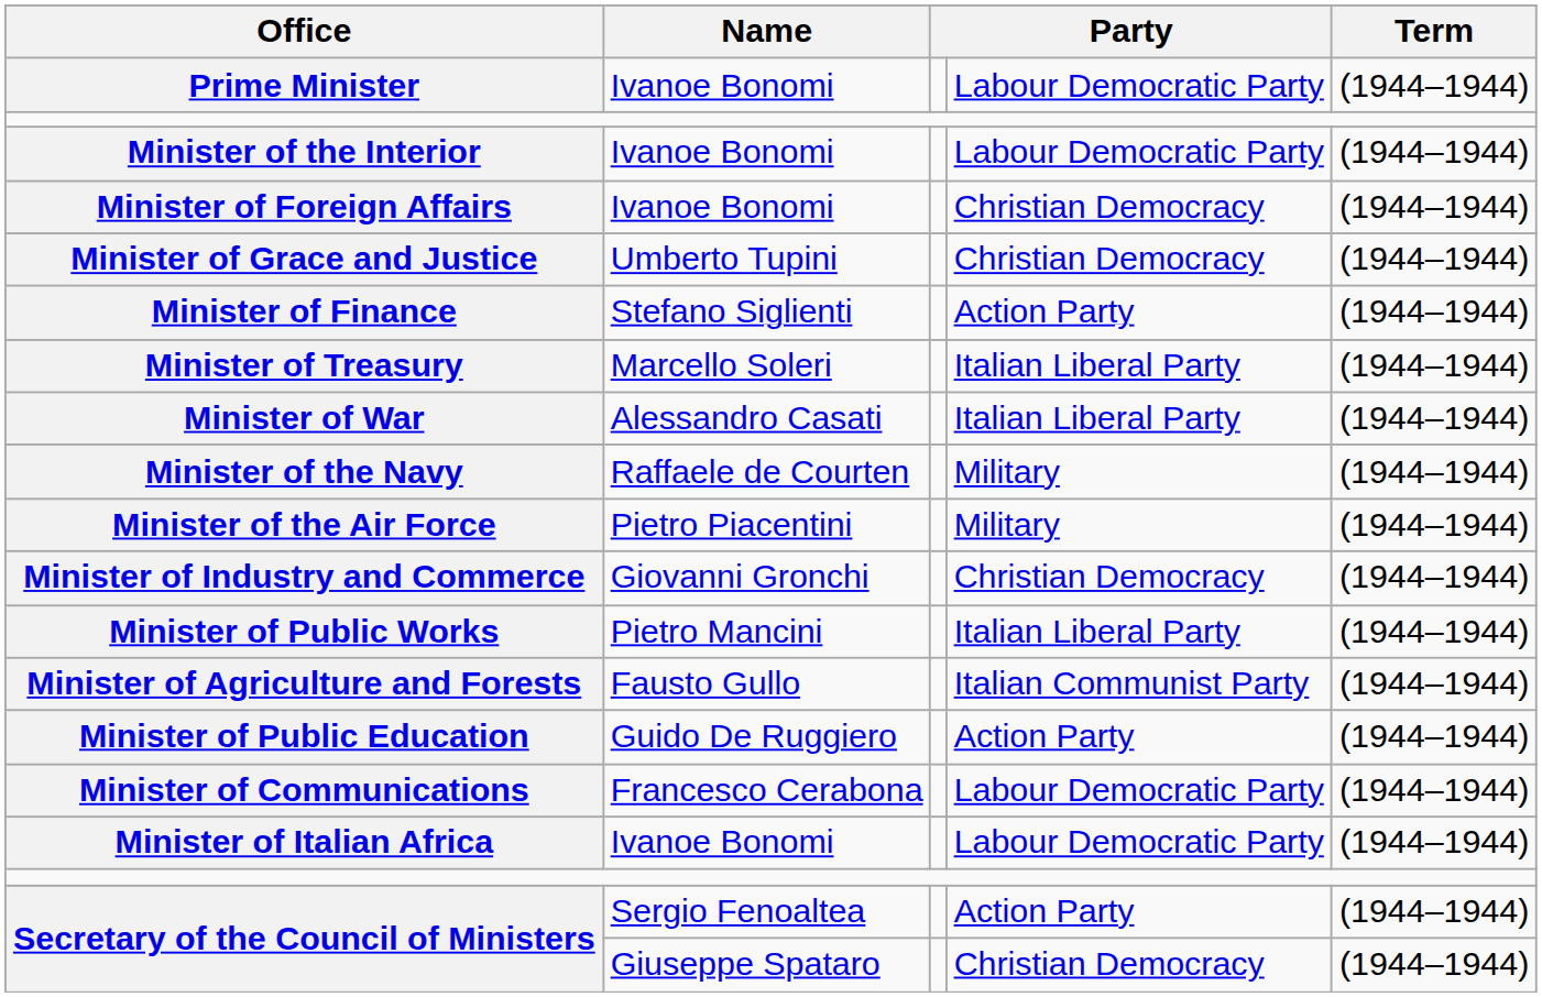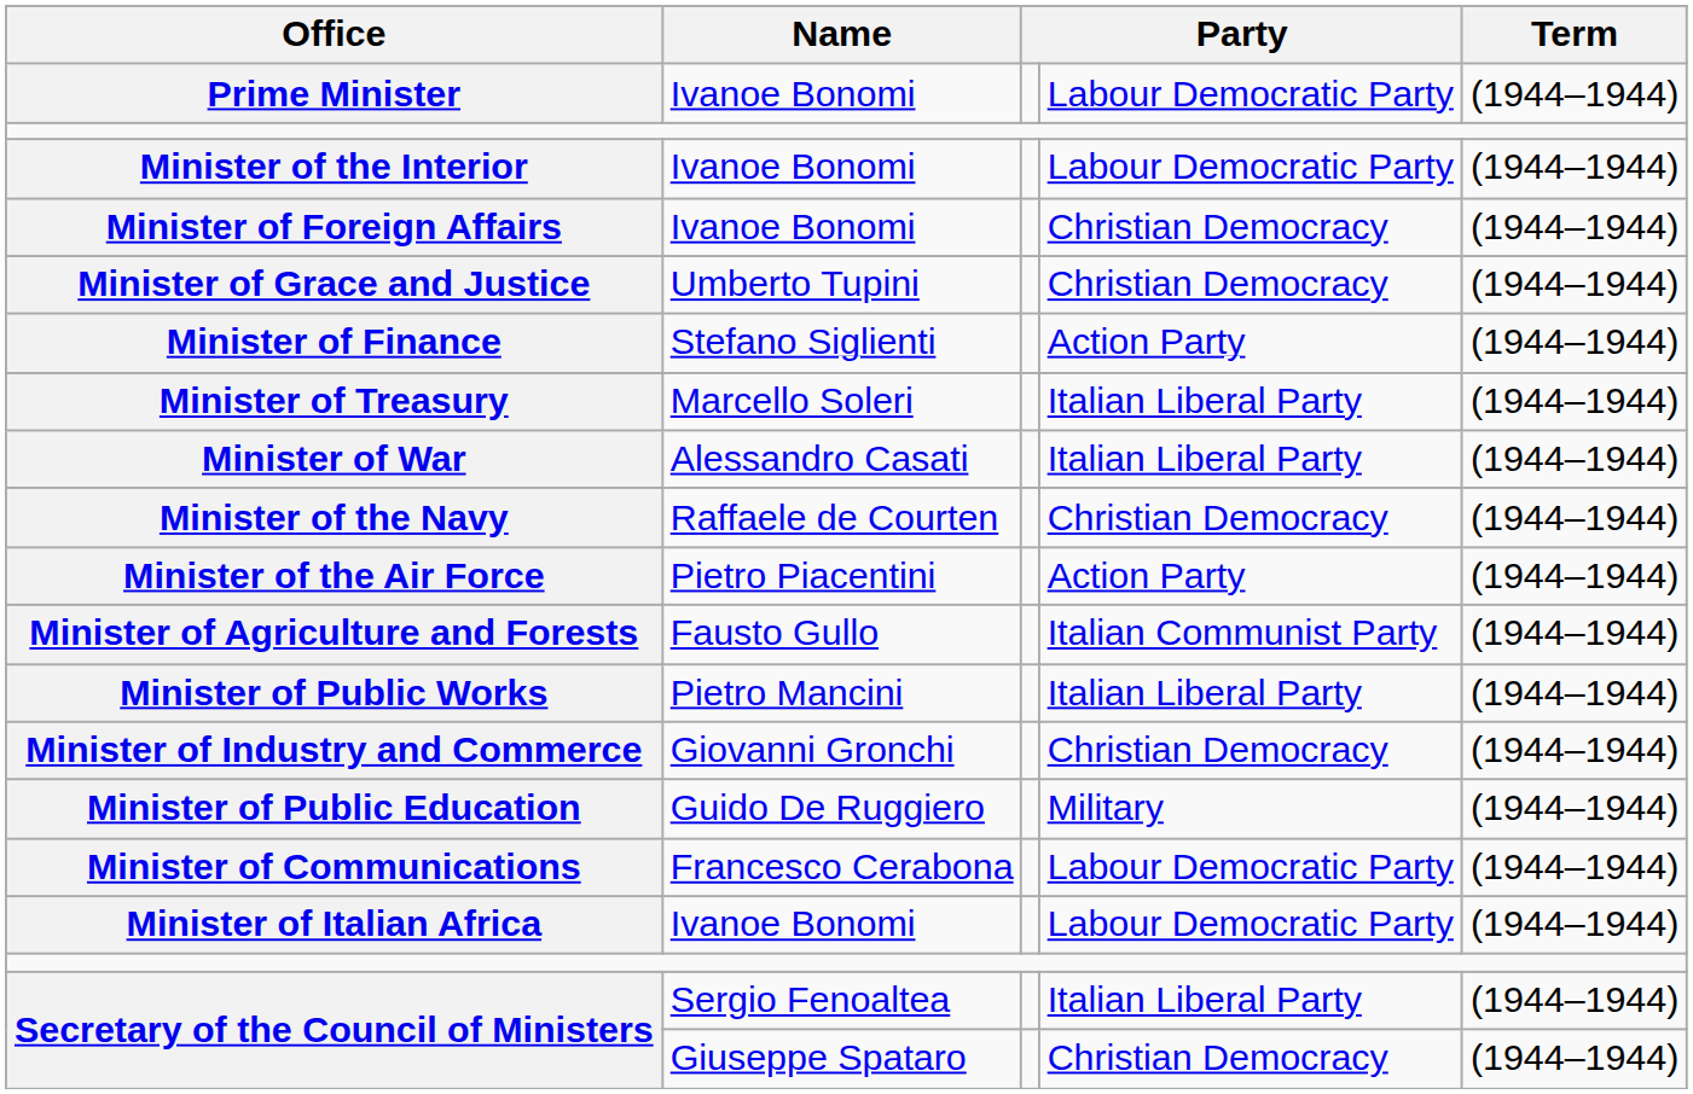 <table class="wikitable" style="font-size: 100%;">
 <tr>
 <th>Office</th>
 <th>Name</th>
 <th colspan=2>Party</th>
 <th>Term</th>
 </tr>
 <tr>
 <th><a href='#'>Prime Minister</a></th>
 <td><a href='#'>Ivanoe Bonomi</a></td>
 <td style="color:inherit;background:"></td>
 <td><a href='#'>Labour Democratic Party</a></td>
 <td>(1944–1944)</td>
 </tr>
 <tr>
 <td colspan=5></td>
 </tr>
 <tr>
 <th><a href='#'>Minister of the Interior</a></th>
 <td><a href='#'>Ivanoe Bonomi</a></td>
 <td style="color:inherit;background:"></td>
 <td><a href='#'>Labour Democratic Party</a></td>
 <td>(1944–1944)</td>
 </tr>
 <tr>
 <th><a href='#'>Minister of Foreign Affairs</a></th>
 <td><a href='#'>Ivanoe Bonomi</a></td>
 <td style="color:inherit;background:"></td>
 <td><a href='#'>Christian Democracy</a></td>
 <td>(1944–1944)</td>
 </tr>
 <tr>
 <th><a href='#'>Minister of Grace and Justice</a></th>
 <td><a href='#'>Umberto Tupini</a></td>
 <td style="color:inherit;background:"></td>
 <td><a href='#'>Christian Democracy</a></td>
 <td>(1944–1944)</td>
 </tr>
 <tr>
 <th><a href='#'>Minister of Finance</a></th>
 <td><a href='#'>Stefano Siglienti</a></td>
 <td style="color:inherit;background:"></td>
 <td><a href='#'>Action Party</a></td>
 <td>(1944–1944)</td>
 </tr>
 <tr>
 <th><a href='#'>Minister of Treasury</a></th>
 <td><a href='#'>Marcello Soleri</a></td>
 <td style="color:inherit;background:"></td>
 <td><a href='#'>Italian Liberal Party</a></td>
 <td>(1944–1944)</td>
 </tr>
 <tr>
 <th><a href='#'>Minister of War</a></th>
 <td><a href='#'>Alessandro Casati</a></td>
 <td style="color:inherit;background:"></td>
 <td><a href='#'>Italian Liberal Party</a></td>
 <td>(1944–1944)</td>
 </tr>
 <tr>
 <th><a href='#'>Minister of the Navy</a></th>
 <td><a href='#'>Raffaele de Courten</a></td>
 <td style="color:inherit;background:"></td>
-<td><a href='#'>Military</a></td>
+<td><a href='#'>Christian Democracy</a></td>
 <td>(1944–1944)</td>
 </tr>
 <tr>
 <th><a href='#'>Minister of the Air Force</a></th>
 <td><a href='#'>Pietro Piacentini</a></td>
 <td style="color:inherit;background:"></td>
-<td><a href='#'>Military</a></td>
+<td><a href='#'>Action Party</a></td>
+<td>(1944–1944)</td>
+</tr>
+<tr>
+<th><a href='#'>Minister of Agriculture and Forests</a></th>
+<td><a href='#'>Fausto Gullo</a></td>
+<td style="color:inherit;background:"></td>
+<td><a href='#'>Italian Communist Party</a></td>
+<td>(1944–1944)</td>
+</tr>
+<tr>
+<th><a href='#'>Minister of Public Works</a></th>
+<td><a href='#'>Pietro Mancini</a></td>
+<td style="color:inherit;background:"></td>
+<td><a href='#'>Italian Liberal Party</a></td>
 <td>(1944–1944)</td>
 </tr>
 <tr>
 <th><a href='#'>Minister of Industry and Commerce</a></th>
 <td><a href='#'>Giovanni Gronchi</a></td>
 <td style="color:inherit;background:"></td>
 <td><a href='#'>Christian Democracy</a></td>
 <td>(1944–1944)</td>
 </tr>
 <tr>
-<th><a href='#'>Minister of Public Works</a></th>
-<td><a href='#'>Pietro Mancini</a></td>
-<td style="color:inherit;background:"></td>
-<td><a href='#'>Italian Liberal Party</a></td>
-<td>(1944–1944)</td>
-</tr>
-<tr>
-<th><a href='#'>Minister of Agriculture and Forests</a></th>
-<td><a href='#'>Fausto Gullo</a></td>
-<td style="color:inherit;background:"></td>
-<td><a href='#'>Italian Communist Party</a></td>
-<td>(1944–1944)</td>
-</tr>
-<tr>
 <th><a href='#'>Minister of Public Education</a></th>
 <td><a href='#'>Guido De Ruggiero</a></td>
 <td style="color:inherit;background:"></td>
-<td><a href='#'>Action Party</a></td>
+<td><a href='#'>Military</a></td>
 <td>(1944–1944)</td>
 </tr>
 <tr>
 <th><a href='#'>Minister of Communications</a></th>
 <td><a href='#'>Francesco Cerabona</a></td>
 <td style="color:inherit;background:"></td>
 <td><a href='#'>Labour Democratic Party</a></td>
 <td>(1944–1944)</td>
 </tr>
 <tr>
 <th><a href='#'>Minister of Italian Africa</a></th>
 <td><a href='#'>Ivanoe Bonomi</a></td>
 <td style="color:inherit;background:"></td>
 <td><a href='#'>Labour Democratic Party</a></td>
 <td>(1944–1944)</td>
 </tr>
 <tr>
 <td colspan=5></td>
 </tr>
 <tr>
 <th rowspan=2><a href='#'>Secretary of the Council of Ministers</a></th>
 <td><a href='#'>Sergio Fenoaltea</a></td>
 <td style="color:inherit;background:"></td>
-<td><a href='#'>Action Party</a></td>
+<td><a href='#'>Italian Liberal Party</a></td>
 <td>(1944–1944)</td>
 </tr>
 <tr>
 <td><a href='#'>Giuseppe Spataro</a></td>
 <td style="color:inherit;background:"></td>
 <td><a href='#'>Christian Democracy</a></td>
 <td>(1944–1944)</td>
 </tr>
 </table>
